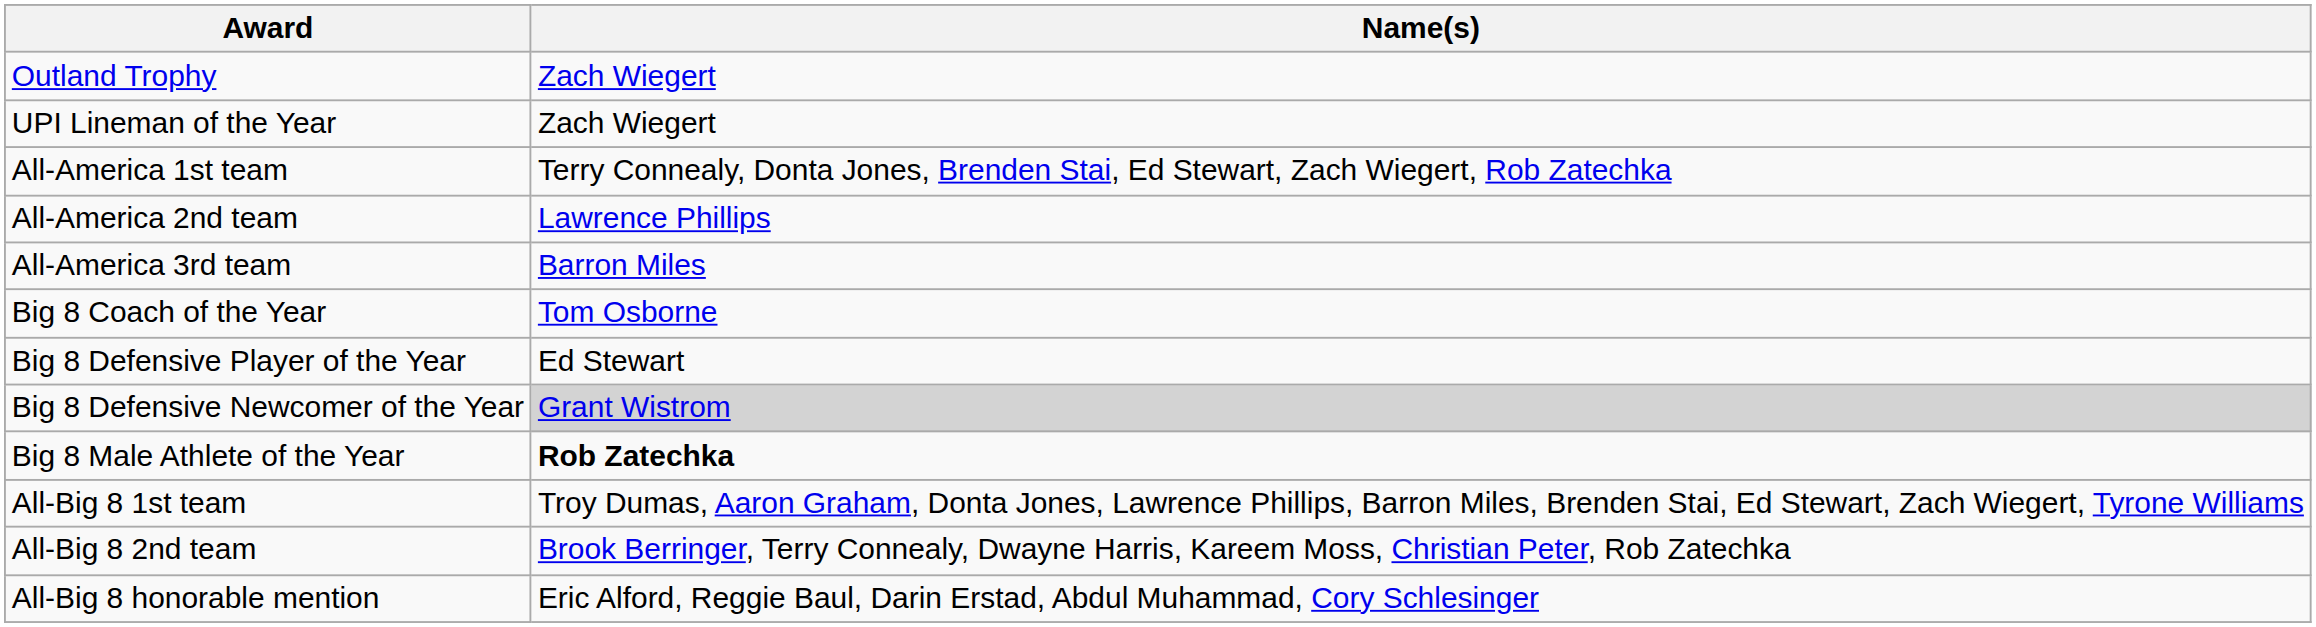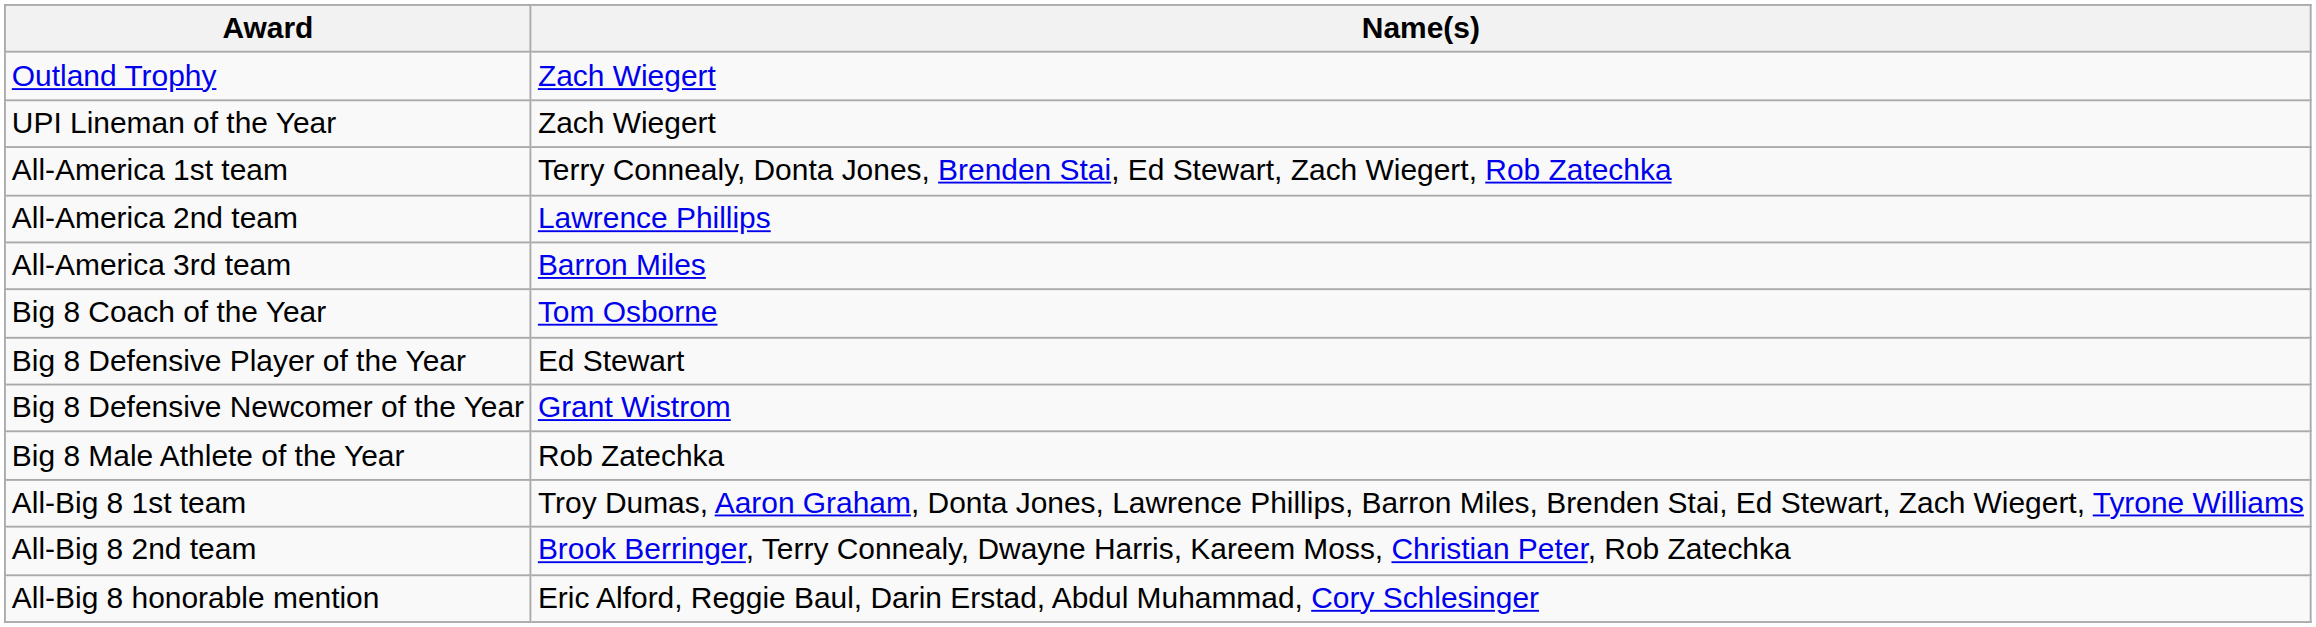 <table class="wikitable">
 <tr>
 <th>Award</th>
 <th>Name(s)</th>
 </tr>
 <tr>
 <td><a href='#'>Outland Trophy</a></td>
 <td><a href='#'>Zach Wiegert</a></td>
 </tr>
 <tr>
 <td>UPI Lineman of the Year</td>
 <td>Zach Wiegert</td>
 </tr>
 <tr>
 <td>All-America 1st team</td>
 <td>Terry Connealy, Donta Jones, <a href='#'>Brenden Stai</a>, Ed Stewart, Zach Wiegert, <a href='#'>Rob Zatechka</a></td>
 </tr>
 <tr>
 <td>All-America 2nd team</td>
 <td><a href='#'>Lawrence Phillips</a></td>
 </tr>
 <tr>
 <td>All-America 3rd team</td>
 <td><a href='#'>Barron Miles</a></td>
 </tr>
 <tr>
 <td>Big 8 Coach of the Year</td>
 <td><a href='#'>Tom Osborne</a></td>
 </tr>
 <tr>
 <td>Big 8 Defensive Player of the Year</td>
 <td>Ed Stewart</td>
 </tr>
 <tr>
 <td>Big 8 Defensive Newcomer of the Year</td>
-<td style="background: lightgrey;"><a href='#'>Grant Wistrom</a></td>
+<td><a href='#'>Grant Wistrom</a></td>
 </tr>
 <tr>
 <td>Big 8 Male Athlete of the Year</td>
-<td><strong>Rob Zatechka</strong></td>
+<td>Rob Zatechka</td>
 </tr>
 <tr>
 <td>All-Big 8 1st team</td>
 <td>Troy Dumas, <a href='#'>Aaron Graham</a>, Donta Jones, Lawrence Phillips, Barron Miles, Brenden Stai, Ed Stewart, Zach Wiegert, <a href='#'>Tyrone Williams</a></td>
 </tr>
 <tr>
 <td>All-Big 8 2nd team</td>
 <td><a href='#'>Brook Berringer</a>, Terry Connealy, Dwayne Harris, Kareem Moss, <a href='#'>Christian Peter</a>, Rob Zatechka</td>
 </tr>
 <tr>
 <td>All-Big 8 honorable mention</td>
 <td>Eric Alford, Reggie Baul, Darin Erstad, Abdul Muhammad, <a href='#'>Cory Schlesinger</a></td>
 </tr>
 </table>
